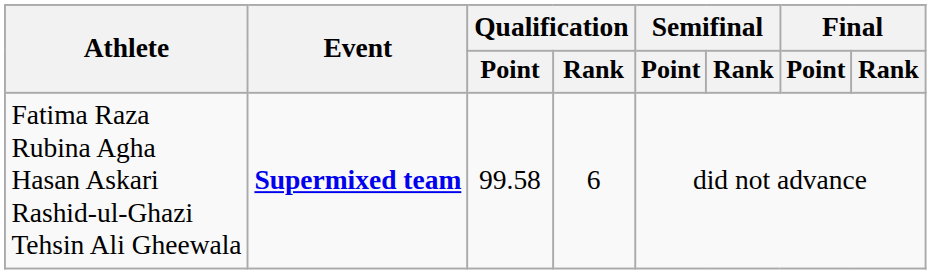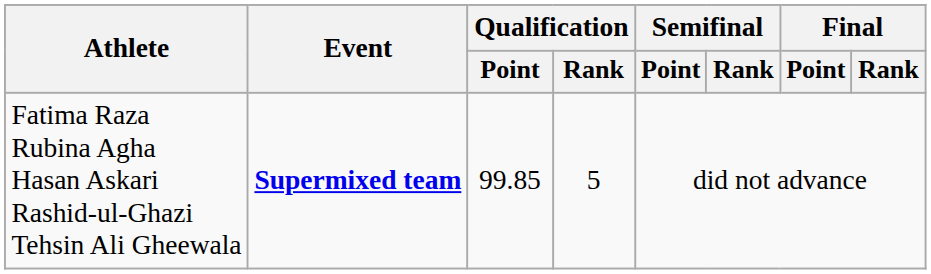 <table class=wikitable style=font-size:90%;text-align:center>
 <tr>
 <th rowspan="2">Athlete</th>
 <th rowspan="2">Event</th>
 <th colspan=2>Qualification</th>
 <th colspan=2>Semifinal</th>
 <th colspan=2>Final</th>
 </tr>
 <tr style="font-size:95%">
 <th>Point</th>
 <th>Rank</th>
 <th>Point</th>
 <th>Rank</th>
 <th>Point</th>
 <th>Rank</th>
 </tr>
 <tr>
 <td align=left>Fatima Raza<br>Rubina Agha<br>Hasan Askari<br>Rashid-ul-Ghazi<br>Tehsin Ali Gheewala</td>
 <td align=left><strong><a href='#'>Supermixed team</a></strong></td>
-<td>99.58</td>
-<td>6</td>
+<td>99.85</td>
+<td>5</td>
 <td colspan=4>did not advance</td>
 </tr>
 </table>
